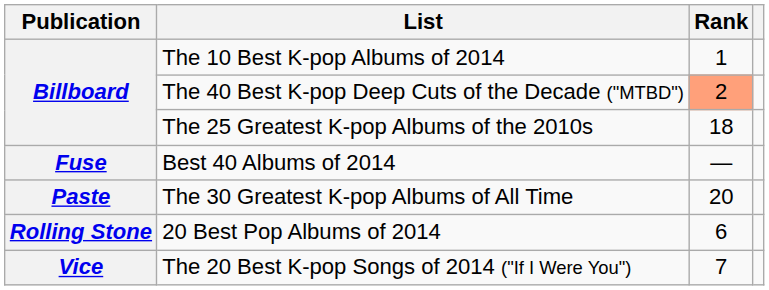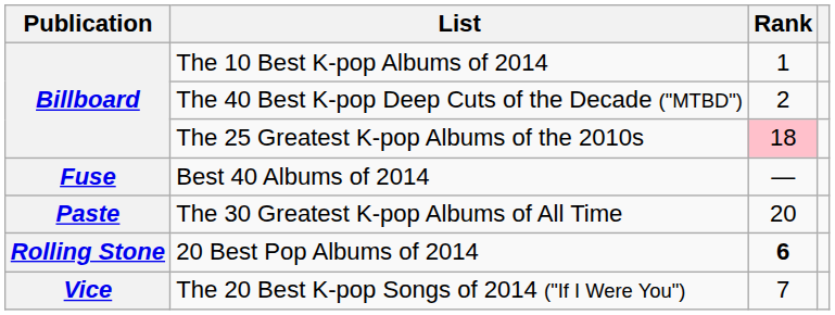 <table class="wikitable plainrowheaders sortable">
 <tr>
 <th>Publication</th>
 <th>List</th>
 <th>Rank</th>
 <th class="unsortable"></th>
 </tr>
 <tr>
 <th scope="row" rowspan="3"><em><a href='#'>Billboard</a></em></th>
 <td>The 10 Best K-pop Albums of 2014</td>
 <td style="text-align:center">1</td>
 <td style="text-align:center"></td>
 </tr>
 <tr>
 <td>The 40 Best K-pop Deep Cuts of the Decade <small>("MTBD")</small></td>
-<td style="background: lightsalmon; text-align:center">2</td>
+<td style="text-align:center">2</td>
 <td style="text-align:center"></td>
 </tr>
 <tr>
 <td>The 25 Greatest K-pop Albums of the 2010s</td>
-<td style="text-align:center">18</td>
+<td style="background: pink; text-align:center">18</td>
 <td style="text-align:center"></td>
 </tr>
 <tr>
 <th scope="row"><em><a href='#'>Fuse</a></em></th>
 <td>Best 40 Albums of 2014</td>
 <td style="text-align:center">—</td>
 <td style="text-align:center"></td>
 </tr>
 <tr>
 <th scope="row"><em><a href='#'>Paste</a></em></th>
 <td>The 30 Greatest K-pop Albums of All Time</td>
 <td style="text-align:center;">20</td>
 <td style="text-align:center;"></td>
 </tr>
 <tr>
 <th scope="row"><em><a href='#'>Rolling Stone</a></em></th>
 <td>20 Best Pop Albums of 2014</td>
-<td style="text-align:center">6</td>
+<td style="text-align:center"><strong>6</strong></td>
 <td style="text-align:center"></td>
 </tr>
 <tr>
 <th scope="row"><em><a href='#'>Vice</a></em></th>
 <td>The 20 Best K-pop Songs of 2014 <small>("If I Were You")</small></td>
 <td style="text-align:center">7</td>
 <td style="text-align:center"></td>
 </tr>
 </table>
